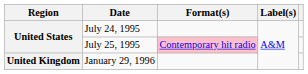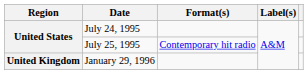 <table class="wikitable plainrowheaders">
 <tr>
 <th scope="col">Region</th>
 <th scope="col">Date</th>
 <th scope="col">Format(s)</th>
 <th scope="col">Label(s)</th>
 <th scope="col"></th>
 </tr>
 <tr>
 <th scope="row" rowspan="2">United States</th>
 <td>July 24, 1995</td>
 <td></td>
 <td rowspan="3"><a href='#'>A&M</a></td>
 <td></td>
 </tr>
 <tr>
 <td>July 25, 1995</td>
-<td style="background: pink;"><a href='#'>Contemporary hit radio</a></td>
+<td><a href='#'>Contemporary hit radio</a></td>
 <td></td>
 </tr>
 <tr>
 <th scope="row">United Kingdom</th>
 <td>January 29, 1996</td>
 <td></td>
 <td></td>
 </tr>
 </table>
